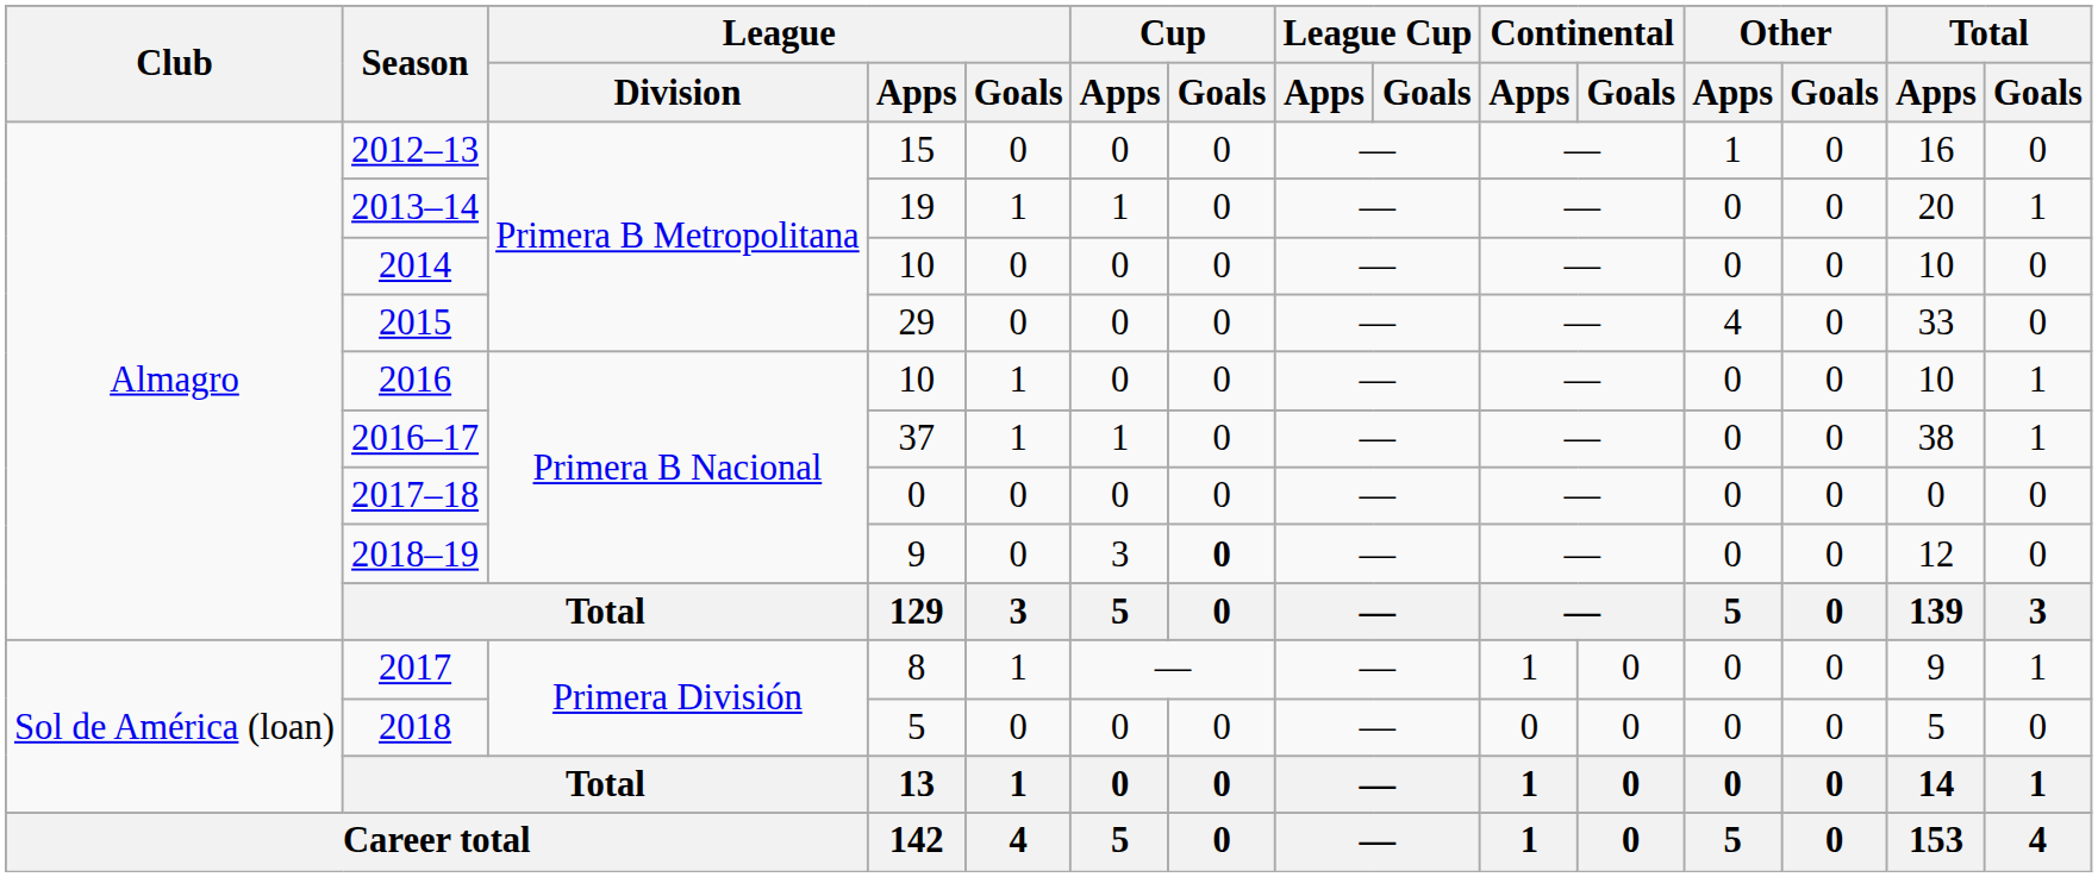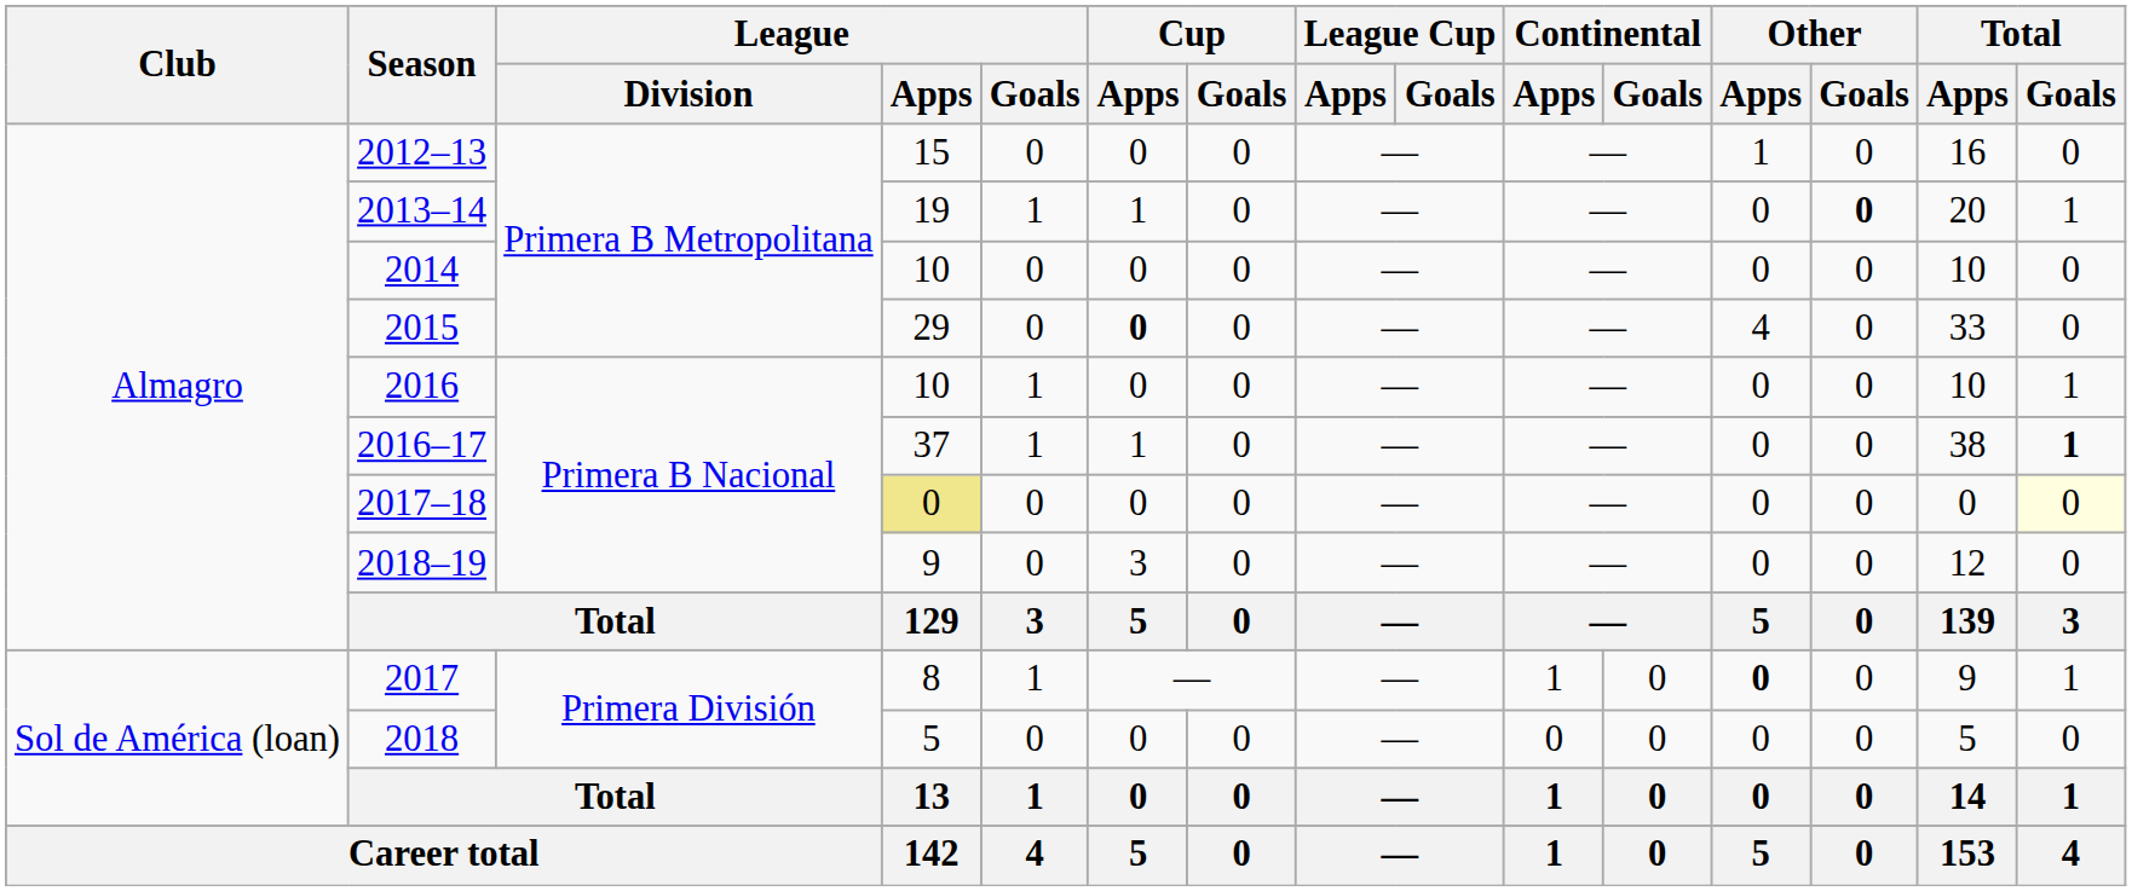 <table class="wikitable" style="text-align:center">
 <tr>
 <th rowspan="2">Club</th>
 <th rowspan="2">Season</th>
 <th colspan="3">League</th>
 <th colspan="2">Cup</th>
 <th colspan="2">League Cup</th>
 <th colspan="2">Continental</th>
 <th colspan="2">Other</th>
 <th colspan="2">Total</th>
 </tr>
 <tr>
 <th>Division</th>
 <th>Apps</th>
 <th>Goals</th>
 <th>Apps</th>
 <th>Goals</th>
 <th>Apps</th>
 <th>Goals</th>
 <th>Apps</th>
 <th>Goals</th>
 <th>Apps</th>
 <th>Goals</th>
 <th>Apps</th>
 <th>Goals</th>
 </tr>
 <tr>
 <td rowspan="9"><a href='#'>Almagro</a></td>
 <td><a href='#'>2012–13</a></td>
 <td rowspan="4"><a href='#'>Primera B Metropolitana</a></td>
 <td>15</td>
 <td>0</td>
 <td>0</td>
 <td>0</td>
 <td colspan="2">—</td>
 <td colspan="2">—</td>
 <td>1</td>
 <td>0</td>
 <td>16</td>
 <td>0</td>
 </tr>
 <tr>
 <td><a href='#'>2013–14</a></td>
 <td>19</td>
 <td>1</td>
 <td>1</td>
 <td>0</td>
 <td colspan="2">—</td>
 <td colspan="2">—</td>
 <td>0</td>
-<td>0</td>
+<td><strong>0</strong></td>
 <td>20</td>
 <td>1</td>
 </tr>
 <tr>
 <td><a href='#'>2014</a></td>
 <td>10</td>
 <td>0</td>
 <td>0</td>
 <td>0</td>
 <td colspan="2">—</td>
 <td colspan="2">—</td>
 <td>0</td>
 <td>0</td>
 <td>10</td>
 <td>0</td>
 </tr>
 <tr>
 <td><a href='#'>2015</a></td>
 <td>29</td>
 <td>0</td>
-<td>0</td>
+<td><strong>0</strong></td>
 <td>0</td>
 <td colspan="2">—</td>
 <td colspan="2">—</td>
 <td>4</td>
 <td>0</td>
 <td>33</td>
 <td>0</td>
 </tr>
 <tr>
 <td><a href='#'>2016</a></td>
 <td rowspan="4"><a href='#'>Primera B Nacional</a></td>
 <td>10</td>
 <td>1</td>
 <td>0</td>
 <td>0</td>
 <td colspan="2">—</td>
 <td colspan="2">—</td>
 <td>0</td>
 <td>0</td>
 <td>10</td>
 <td>1</td>
 </tr>
 <tr>
 <td><a href='#'>2016–17</a></td>
 <td>37</td>
 <td>1</td>
 <td>1</td>
 <td>0</td>
 <td colspan="2">—</td>
 <td colspan="2">—</td>
 <td>0</td>
 <td>0</td>
 <td>38</td>
-<td>1</td>
+<td><strong>1</strong></td>
 </tr>
 <tr>
 <td><a href='#'>2017–18</a></td>
-<td>0</td>
+<td style="background: khaki;">0</td>
 <td>0</td>
 <td>0</td>
 <td>0</td>
 <td colspan="2">—</td>
 <td colspan="2">—</td>
 <td>0</td>
 <td>0</td>
 <td>0</td>
-<td>0</td>
+<td style="background: lightyellow;">0</td>
 </tr>
 <tr>
 <td><a href='#'>2018–19</a></td>
 <td>9</td>
 <td>0</td>
 <td>3</td>
-<td><strong>0</strong></td>
+<td>0</td>
 <td colspan="2">—</td>
 <td colspan="2">—</td>
 <td>0</td>
 <td>0</td>
 <td>12</td>
 <td>0</td>
 </tr>
 <tr>
 <th colspan="2">Total</th>
 <th>129</th>
 <th>3</th>
 <th>5</th>
 <th>0</th>
 <th colspan="2">—</th>
 <th colspan="2">—</th>
 <th>5</th>
 <th>0</th>
 <th>139</th>
 <th>3</th>
 </tr>
 <tr>
 <td rowspan="3"><a href='#'>Sol de América</a> (loan)</td>
 <td><a href='#'>2017</a></td>
 <td rowspan="2"><a href='#'>Primera División</a></td>
 <td>8</td>
 <td>1</td>
 <td colspan="2">—</td>
 <td colspan="2">—</td>
 <td>1</td>
 <td>0</td>
-<td>0</td>
+<td><strong>0</strong></td>
 <td>0</td>
 <td>9</td>
 <td>1</td>
 </tr>
 <tr>
 <td><a href='#'>2018</a></td>
 <td>5</td>
 <td>0</td>
 <td>0</td>
 <td>0</td>
 <td colspan="2">—</td>
 <td>0</td>
 <td>0</td>
 <td>0</td>
 <td>0</td>
 <td>5</td>
 <td>0</td>
 </tr>
 <tr>
 <th colspan="2">Total</th>
 <th>13</th>
 <th>1</th>
 <th>0</th>
 <th>0</th>
 <th colspan="2">—</th>
 <th>1</th>
 <th>0</th>
 <th>0</th>
 <th>0</th>
 <th>14</th>
 <th>1</th>
 </tr>
 <tr>
 <th colspan="3">Career total</th>
 <th>142</th>
 <th>4</th>
 <th>5</th>
 <th>0</th>
 <th colspan="2">—</th>
 <th>1</th>
 <th>0</th>
 <th>5</th>
 <th>0</th>
 <th>153</th>
 <th>4</th>
 </tr>
 </table>
